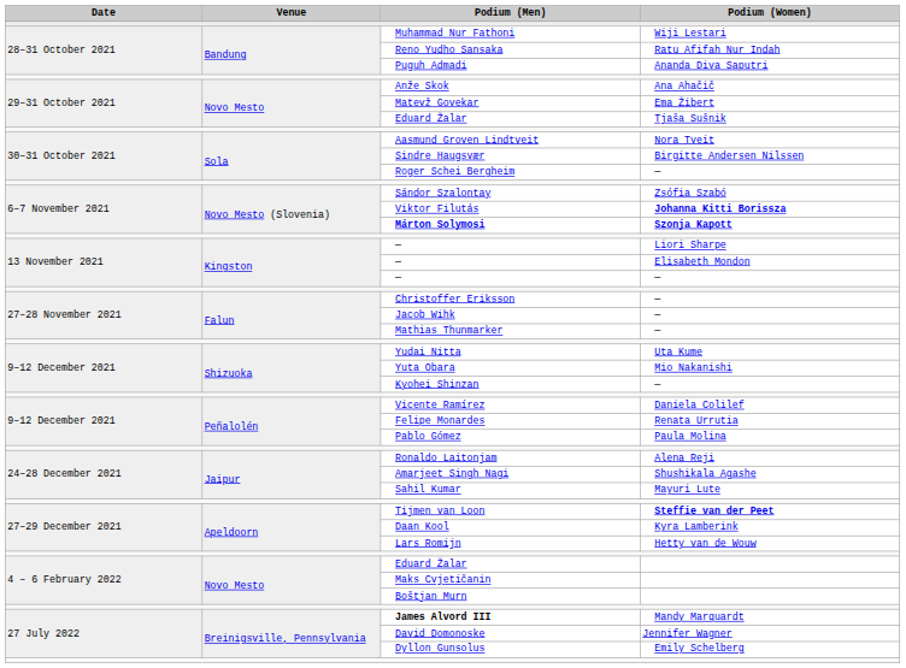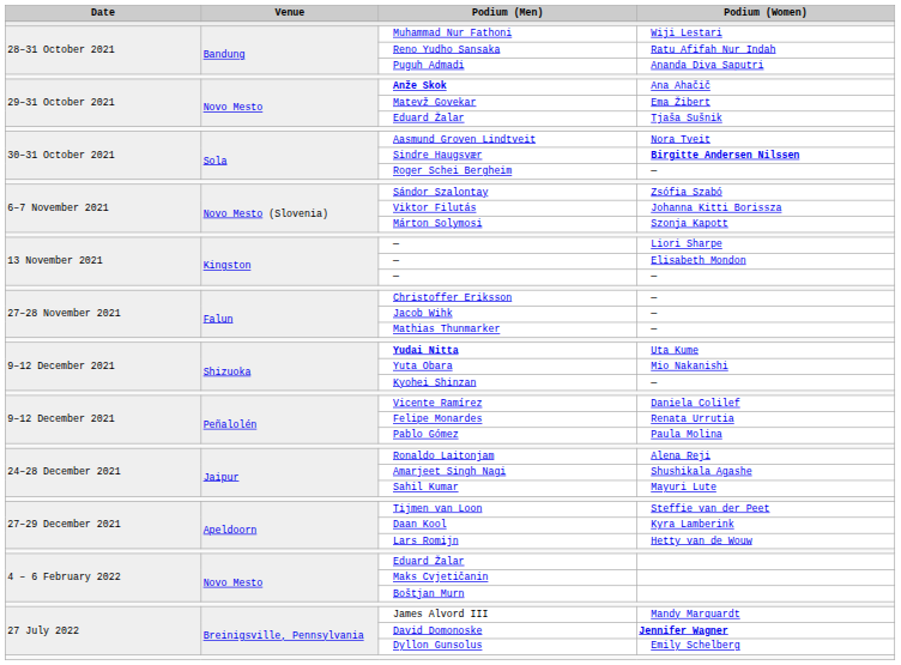 <table class="wikitable" width=70% bgcolor="#f7f8ff" cellpadding="3" cellspacing="0" border="1" style="font-size: 95%; border: gray solid 1px; border-collapse: collapse;">
 <tr bgcolor="#CCCCCC">
 <td align="center"><strong>Date</strong></td>
 <td width=20% align="center"><strong>Venue</strong></td>
 <td width=29% align="center"><strong>Podium (Men)</strong></td>
 <td width=29% align="center"><strong>Podium (Women)</strong></td>
 </tr>
 <tr bgcolor="#EFEFEF">
 </tr>
 <tr>
 </tr>
 <tr bgcolor="#EFEFEF">
 <td colspan=4></td>
 </tr>
 <tr bgcolor="#EFEFEF">
 <td rowspan=3>28–31 October 2021</td>
 <td rowspan=3><br><a href='#'>Bandung</a></td>
 <td bgcolor="#ffffff">   <a href='#'>Muhammad Nur Fathoni</a></td>
 <td bgcolor="#ffffff">   <a href='#'>Wiji Lestari</a></td>
 </tr>
 <tr>
 <td bgcolor="#ffffff">   <a href='#'>Reno Yudho Sansaka</a></td>
 <td bgcolor="#ffffff">   <a href='#'>Ratu Afifah Nur Indah</a></td>
 </tr>
 <tr>
 <td bgcolor="#ffffff">   <a href='#'>Puguh Admadi</a></td>
 <td bgcolor="#ffffff">   <a href='#'>Ananda Diva Saputri</a></td>
 </tr>
 <tr>
 <td colspan=4></td>
 </tr>
 <tr bgcolor="#EFEFEF">
 <td rowspan=3>29–31 October 2021</td>
 <td rowspan=3><br><a href='#'>Novo Mesto</a></td>
-<td bgcolor="#ffffff">   <a href='#'>Anže Skok</a></td>
+<td bgcolor="#ffffff"><strong>   <a href='#'>Anže Skok</a></strong></td>
 <td bgcolor="#ffffff">   <a href='#'>Ana Ahačič</a></td>
 </tr>
 <tr>
 <td bgcolor="#ffffff">   <a href='#'>Matevž Govekar</a></td>
 <td bgcolor="#ffffff">   <a href='#'>Ema Žibert</a></td>
 </tr>
 <tr>
 <td bgcolor="#ffffff">   <a href='#'>Eduard Žalar</a></td>
 <td bgcolor="#ffffff">   <a href='#'>Tjaša Sušnik</a></td>
 </tr>
 <tr>
 <td colspan=4></td>
 </tr>
 <tr bgcolor="#EFEFEF">
 <td rowspan=3>30–31 October 2021</td>
 <td rowspan=3><br><a href='#'>Sola</a></td>
 <td bgcolor="#ffffff">   <a href='#'>Aasmund Groven Lindtveit</a></td>
 <td bgcolor="#ffffff">   <a href='#'>Nora Tveit</a></td>
 </tr>
 <tr>
 <td bgcolor="#ffffff">   <a href='#'>Sindre Haugsvær</a></td>
-<td bgcolor="#ffffff">   <a href='#'>Birgitte Andersen Nilssen</a></td>
+<td bgcolor="#ffffff"><strong>   <a href='#'>Birgitte Andersen Nilssen</a></strong></td>
 </tr>
 <tr>
 <td bgcolor="#ffffff">   <a href='#'>Roger Schei Bergheim</a></td>
 <td bgcolor="#ffffff">   —</td>
 </tr>
 <tr>
 <td colspan=4></td>
 </tr>
 <tr bgcolor="#EFEFEF">
 <td rowspan=3>6–7 November 2021</td>
 <td rowspan=3><br><a href='#'>Novo Mesto</a> (Slovenia)</td>
 <td bgcolor="#ffffff">   <a href='#'>Sándor Szalontay</a></td>
 <td bgcolor="#ffffff">   <a href='#'>Zsófia Szabó</a></td>
 </tr>
 <tr>
 <td bgcolor="#ffffff">   <a href='#'>Viktor Filutás</a></td>
-<td bgcolor="#ffffff"><strong>   <a href='#'>Johanna Kitti Borissza</a></strong></td>
+<td bgcolor="#ffffff">   <a href='#'>Johanna Kitti Borissza</a></td>
 </tr>
 <tr>
-<td bgcolor="#ffffff"><strong>   <a href='#'>Márton Solymosi</a></strong></td>
-<td bgcolor="#ffffff"><strong>   <a href='#'>Szonja Kapott</a></strong></td>
+<td bgcolor="#ffffff">   <a href='#'>Márton Solymosi</a></td>
+<td bgcolor="#ffffff">   <a href='#'>Szonja Kapott</a></td>
 </tr>
 <tr>
 <td colspan=4></td>
 </tr>
 <tr bgcolor="#EFEFEF">
 <td rowspan=3>13 November 2021</td>
 <td rowspan=3><br><a href='#'>Kingston</a></td>
 <td bgcolor="#ffffff">   —</td>
 <td bgcolor="#ffffff">   <a href='#'>Liori Sharpe</a></td>
 </tr>
 <tr>
 <td bgcolor="#ffffff">   —</td>
 <td bgcolor="#ffffff">   <a href='#'>Elisabeth Mondon</a></td>
 </tr>
 <tr>
 <td bgcolor="#ffffff">   —</td>
 <td bgcolor="#ffffff">   —</td>
 </tr>
 <tr>
 <td colspan=4></td>
 </tr>
 <tr bgcolor="#EFEFEF">
 <td rowspan=3>27–28 November 2021</td>
 <td rowspan=3><br><a href='#'>Falun</a></td>
 <td bgcolor="#ffffff">   <a href='#'>Christoffer Eriksson</a></td>
 <td bgcolor="#ffffff">   —</td>
 </tr>
 <tr>
 <td bgcolor="#ffffff">   <a href='#'>Jacob Wihk</a></td>
 <td bgcolor="#ffffff">   —</td>
 </tr>
 <tr>
 <td bgcolor="#ffffff">   <a href='#'>Mathias Thunmarker</a></td>
 <td bgcolor="#ffffff">   —</td>
 </tr>
 <tr>
 <td colspan=4></td>
 </tr>
 <tr bgcolor="#EFEFEF">
 <td rowspan=3>9–12 December 2021</td>
 <td rowspan=3><br><a href='#'>Shizuoka</a></td>
-<td bgcolor="#ffffff">   <a href='#'>Yudai Nitta</a></td>
+<td bgcolor="#ffffff"><strong>   <a href='#'>Yudai Nitta</a></strong></td>
 <td bgcolor="#ffffff">   <a href='#'>Uta Kume</a></td>
 </tr>
 <tr>
 <td bgcolor="#ffffff">   <a href='#'>Yuta Obara</a></td>
 <td bgcolor="#ffffff">   <a href='#'>Mio Nakanishi</a></td>
 </tr>
 <tr>
 <td bgcolor="#ffffff">   <a href='#'>Kyohei Shinzan</a></td>
 <td bgcolor="#ffffff">   —</td>
 </tr>
 <tr>
 <td colspan=4></td>
 </tr>
 <tr bgcolor="#EFEFEF">
 <td rowspan=3>9–12 December 2021</td>
 <td rowspan=3><br><a href='#'>Peñalolén</a></td>
 <td bgcolor="#ffffff">   <a href='#'>Vicente Ramírez</a></td>
 <td bgcolor="#ffffff">   <a href='#'>Daniela Colilef</a></td>
 </tr>
 <tr>
 <td bgcolor="#ffffff">   <a href='#'>Felipe Monardes</a></td>
 <td bgcolor="#ffffff">   <a href='#'>Renata Urrutia</a></td>
 </tr>
 <tr>
 <td bgcolor="#ffffff">   <a href='#'>Pablo Gómez</a></td>
 <td bgcolor="#ffffff">   <a href='#'>Paula Molina</a></td>
 </tr>
 <tr>
 <td colspan=4></td>
 </tr>
 <tr bgcolor="#EFEFEF">
 <td rowspan=3>24–28 December 2021</td>
 <td rowspan=3><br><a href='#'>Jaipur</a></td>
 <td bgcolor="#ffffff">   <a href='#'>Ronaldo Laitonjam</a></td>
 <td bgcolor="#ffffff">   <a href='#'>Alena Reji</a></td>
 </tr>
 <tr>
 <td bgcolor="#ffffff">   <a href='#'>Amarjeet Singh Nagi</a></td>
 <td bgcolor="#ffffff">   <a href='#'>Shushikala Agashe</a></td>
 </tr>
 <tr>
 <td bgcolor="#ffffff">   <a href='#'>Sahil Kumar</a></td>
 <td bgcolor="#ffffff">   <a href='#'>Mayuri Lute</a></td>
 </tr>
 <tr>
 <td colspan=4></td>
 </tr>
 <tr bgcolor="#EFEFEF">
 <td rowspan=3>27–29 December 2021</td>
 <td rowspan=3><br><a href='#'>Apeldoorn</a></td>
 <td bgcolor="#ffffff">   <a href='#'>Tijmen van Loon</a></td>
-<td bgcolor="#ffffff"><strong>   <a href='#'>Steffie van der Peet</a></strong></td>
+<td bgcolor="#ffffff">   <a href='#'>Steffie van der Peet</a></td>
 </tr>
 <tr>
 <td bgcolor="#ffffff">   <a href='#'>Daan Kool</a></td>
 <td bgcolor="#ffffff">   <a href='#'>Kyra Lamberink</a></td>
 </tr>
 <tr>
 <td bgcolor="#ffffff">   <a href='#'>Lars Romijn</a></td>
 <td bgcolor="#ffffff">   <a href='#'>Hetty van de Wouw</a></td>
 </tr>
 <tr>
 <td colspan=4></td>
 </tr>
 <tr bgcolor="#EFEFEF">
 <td rowspan=3>4 – 6 February 2022</td>
 <td rowspan=3><br><a href='#'>Novo Mesto</a></td>
 <td bgcolor="#ffffff">   <a href='#'>Eduard Žalar</a></td>
 <td bgcolor="#ffffff">   <a href='#'></a></td>
 </tr>
 <tr>
 <td bgcolor="#ffffff">   <a href='#'>Maks Cvjetičanin</a></td>
 <td bgcolor="#ffffff">   <a href='#'></a></td>
 </tr>
 <tr>
 <td bgcolor="#ffffff">   <a href='#'>Boštjan Murn</a></td>
 <td bgcolor="#ffffff">   <a href='#'></a></td>
 </tr>
 <tr>
 <td colspan=4></td>
 </tr>
 <tr bgcolor="#EFEFEF">
 <td rowspan="3">27 July 2022</td>
 <td rowspan="3"><br><a href='#'>Breinigsville, Pennsylvania</a></td>
-<td bgcolor="#ffffff"><strong>   James Alvord III</strong></td>
+<td bgcolor="#ffffff">   James Alvord III</td>
 <td bgcolor="#ffffff">   <a href='#'>Mandy Marquardt</a></td>
 </tr>
 <tr>
 <td bgcolor="#ffffff">   <a href='#'>David Domonoske</a></td>
-<td bgcolor="#ffffff"> <a href='#'>Jennifer Wagner</a></td>
+<td bgcolor="#ffffff"><strong> <a href='#'>Jennifer Wagner</a></strong></td>
 </tr>
 <tr>
 <td bgcolor="#ffffff">   <a href='#'>Dyllon Gunsolus</a></td>
 <td bgcolor="#ffffff">   <a href='#'>Emily Schelberg</a></td>
 </tr>
 <tr>
 <td colspan=4></td>
 </tr>
 </table>
